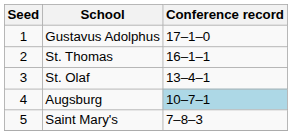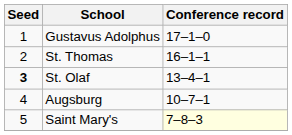 <table class="wikitable">
 <tr>
 <th>Seed</th>
 <th>School</th>
 <th>Conference record</th>
 </tr>
 <tr>
 <td align=center>1</td>
 <td>Gustavus Adolphus</td>
 <td>17–1–0</td>
 </tr>
 <tr>
 <td align=center>2</td>
 <td>St. Thomas</td>
 <td>16–1–1</td>
 </tr>
 <tr>
-<td align=center>3</td>
+<td align=center><strong>3</strong></td>
 <td>St. Olaf</td>
 <td>13–4–1</td>
 </tr>
 <tr>
 <td align=center>4</td>
 <td>Augsburg</td>
-<td style="background: lightblue;">10–7–1</td>
+<td>10–7–1</td>
 </tr>
 <tr>
 <td align=center>5</td>
 <td>Saint Mary's</td>
-<td>7–8–3</td>
+<td style="background: lightyellow;">7–8–3</td>
 </tr>
 <tr>
 </tr>
 </table>
